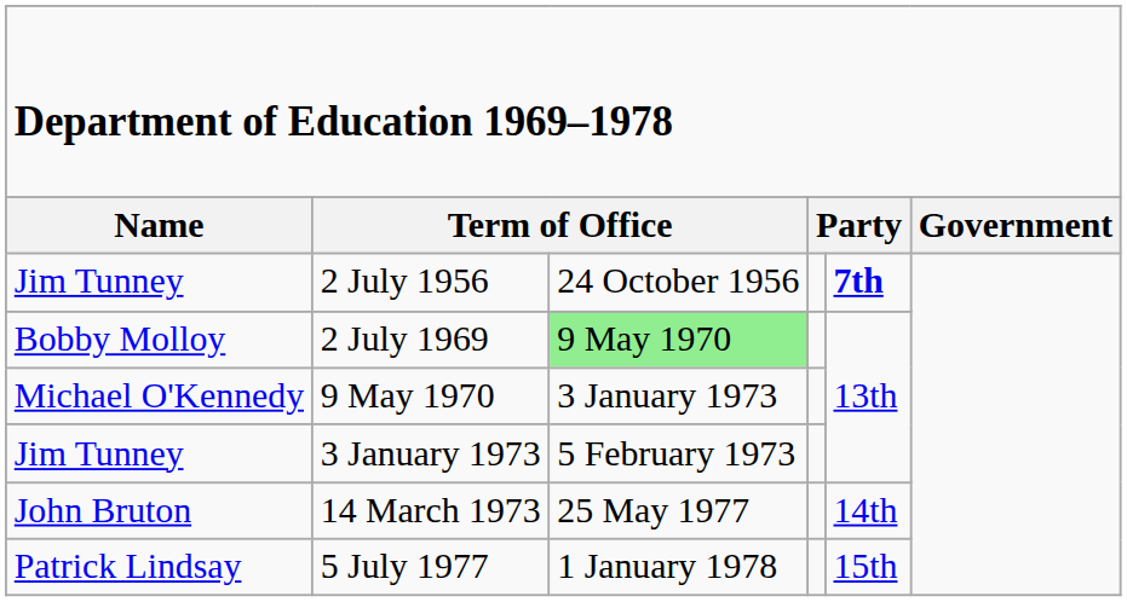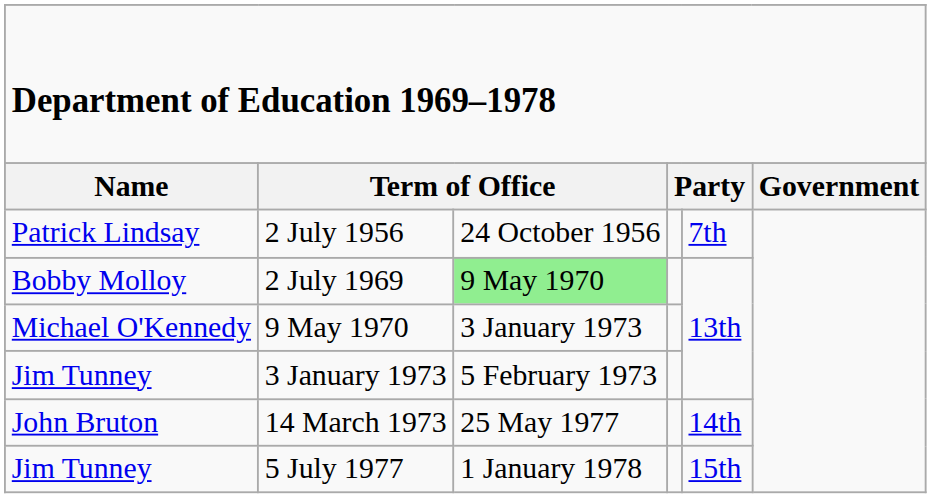 <table class="wikitable">
 <tr>
 <td colspan="6"><br><h3>Department of Education 1969–1978</h3></td>
 </tr>
 <tr>
 <th>Name</th>
 <th colspan=2>Term of Office</th>
 <th colspan=2>Party</th>
 <th>Government</th>
 </tr>
 <tr>
-<td><a href='#'>Jim Tunney</a></td>
+<td><a href='#'>Patrick Lindsay</a></td>
 <td>2 July 1956</td>
 <td>24 October 1956</td>
 <td></td>
-<td><strong><a href='#'>7th</a></strong></td>
+<td><a href='#'>7th</a></td>
 </tr>
 <tr>
 <td><a href='#'>Bobby Molloy</a></td>
 <td>2 July 1969</td>
 <td style="background: lightgreen;">9 May 1970</td>
 <td></td>
 <td rowspan=3><a href='#'>13th</a></td>
 </tr>
 <tr>
 <td><a href='#'>Michael O'Kennedy</a></td>
 <td>9 May 1970</td>
 <td>3 January 1973</td>
 <td></td>
 </tr>
 <tr>
 <td><a href='#'>Jim Tunney</a></td>
 <td>3 January 1973</td>
 <td>5 February 1973</td>
 <td></td>
 </tr>
 <tr>
 <td><a href='#'>John Bruton</a></td>
 <td>14 March 1973</td>
 <td>25 May 1977</td>
 <td></td>
 <td><a href='#'>14th</a></td>
 </tr>
 <tr>
-<td><a href='#'>Patrick Lindsay</a></td>
+<td><a href='#'>Jim Tunney</a></td>
 <td>5 July 1977</td>
 <td>1 January 1978</td>
 <td></td>
 <td><a href='#'>15th</a></td>
 </tr>
 </table>
